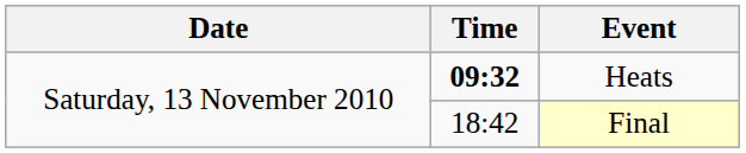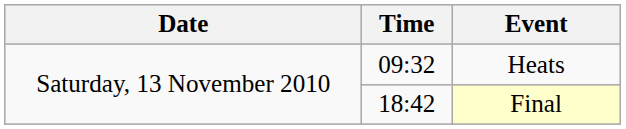 <table class = "wikitable" style="text-align:center;">
 <tr>
 <th width=220>Date</th>
 <th width=50>Time</th>
 <th width=100>Event</th>
 </tr>
 <tr>
 <td rowspan=2>Saturday, 13 November 2010</td>
-<td><strong>09:32</strong></td>
+<td>09:32</td>
 <td>Heats</td>
 </tr>
 <tr>
 <td>18:42</td>
 <td bgcolor=ffffcc>Final</td>
 </tr>
 </table>
